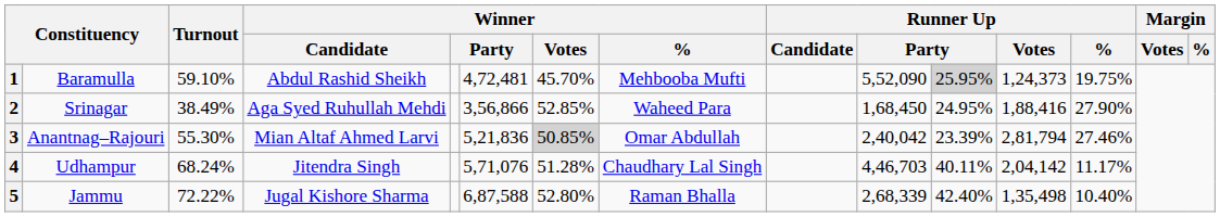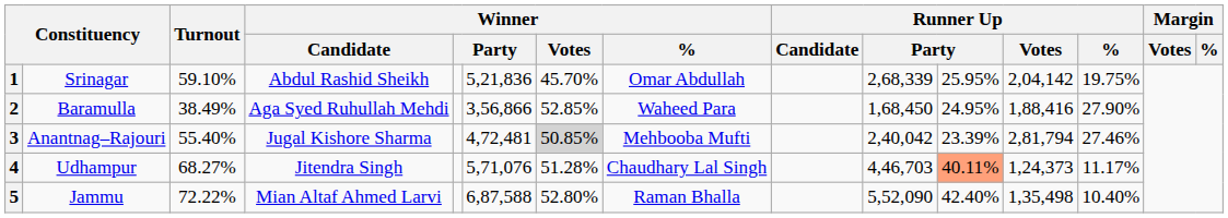 <table class="wikitable sortable" style="text-align:center;">
 <tr>
 <th colspan="2" rowspan="2">Constituency</th>
 <th rowspan="2">Turnout</th>
 <th colspan="5">Winner</th>
 <th colspan="5">Runner Up</th>
 <th colspan="2">Margin</th>
 </tr>
 <tr>
 <th>Candidate</th>
 <th colspan="2">Party</th>
 <th>Votes</th>
 <th>%</th>
 <th>Candidate</th>
 <th colspan="2">Party</th>
 <th>Votes</th>
 <th>%</th>
 <th>Votes</th>
 <th>%</th>
 </tr>
 <tr>
 <th>1</th>
-<td><a href='#'>Baramulla</a></td>
+<td><a href='#'>Srinagar</a></td>
 <td>59.10%</td>
 <td><a href='#'>Abdul Rashid Sheikh</a></td>
 <td></td>
-<td>4,72,481</td>
+<td>5,21,836</td>
 <td>45.70%</td>
-<td><a href='#'>Mehbooba Mufti</a></td>
+<td><a href='#'>Omar Abdullah</a></td>
 <td></td>
-<td>5,52,090</td>
-<td style="background: lightgrey;">25.95%</td>
-<td style="background:">1,24,373</td>
+<td>2,68,339</td>
+<td>25.95%</td>
+<td style="background:">2,04,142</td>
 <td style="background:">19.75%</td>
 </tr>
 <tr>
 <th>2</th>
-<td><a href='#'>Srinagar</a></td>
+<td><a href='#'>Baramulla</a></td>
 <td>38.49%</td>
 <td><a href='#'>Aga Syed Ruhullah Mehdi</a></td>
 <td></td>
 <td>3,56,866</td>
 <td>52.85%</td>
 <td><a href='#'>Waheed Para</a></td>
 <td></td>
 <td>1,68,450</td>
 <td>24.95%</td>
 <td style="background:">1,88,416</td>
 <td style="background:">27.90%</td>
 </tr>
 <tr>
 <th>3</th>
 <td><a href='#'>Anantnag–Rajouri</a></td>
-<td>55.30% </td>
-<td><a href='#'>Mian Altaf Ahmed Larvi</a></td>
+<td>55.40% </td>
+<td><a href='#'>Jugal Kishore Sharma</a></td>
 <td></td>
-<td>5,21,836</td>
+<td>4,72,481</td>
 <td style="background: lightgrey;">50.85%</td>
-<td><a href='#'>Omar Abdullah</a></td>
+<td><a href='#'>Mehbooba Mufti</a></td>
 <td></td>
 <td>2,40,042</td>
 <td>23.39%</td>
 <td style="background:">2,81,794</td>
 <td style="background:">27.46%</td>
 </tr>
 <tr>
 <th>4</th>
 <td><a href='#'>Udhampur</a></td>
-<td>68.24%</td>
+<td>68.27%</td>
 <td><a href='#'>Jitendra Singh</a></td>
 <td></td>
 <td>5,71,076</td>
 <td>51.28%</td>
 <td><a href='#'>Chaudhary Lal Singh</a></td>
 <td></td>
 <td>4,46,703</td>
-<td>40.11%</td>
-<td style="background:">2,04,142</td>
+<td style="background: lightsalmon;">40.11%</td>
+<td style="background:">1,24,373</td>
 <td style="background:">11.17%</td>
 </tr>
 <tr>
 <th>5</th>
 <td><a href='#'>Jammu</a></td>
 <td>72.22%</td>
-<td><a href='#'>Jugal Kishore Sharma</a></td>
+<td><a href='#'>Mian Altaf Ahmed Larvi</a></td>
 <td></td>
 <td>6,87,588</td>
 <td>52.80%</td>
 <td><a href='#'>Raman Bhalla</a></td>
 <td></td>
-<td>2,68,339</td>
+<td>5,52,090</td>
 <td>42.40%</td>
 <td style="background:">1,35,498</td>
 <td style="background:">10.40%</td>
 </tr>
 </table>
